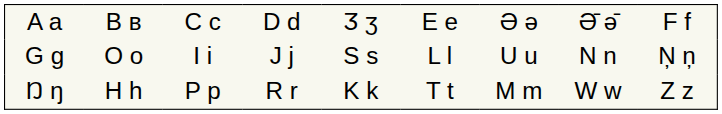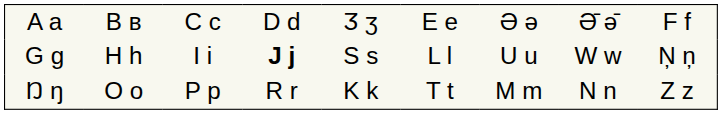 <table style="font-family:Arial; font-size:1.4em; border-color:#000000; border-width:1px; border-style:solid; border-collapse:collapse; background-color:#F8F8EF">
 <tr>
 <td style="width:3em; text-align:center; padding: 3px;">A a</td>
 <td style="width:3em; text-align:center; padding: 3px;">B в</td>
 <td style="width:3em; text-align:center; padding: 3px;">C c</td>
 <td style="width:3em; text-align:center; padding: 3px;">D d</td>
 <td style="width:3em; text-align:center; padding: 3px;">Ӡ ӡ</td>
 <td style="width:3em; text-align:center; padding: 3px;">E e</td>
 <td style="width:3em; text-align:center; padding: 3px;">Ә ә</td>
 <td style="width:3em; text-align:center; padding: 3px;">Ә̄ ә̄</td>
 <td style="width:3em; text-align:center; padding: 3px;">F f</td>
 </tr>
 <tr>
 <td style="width:3em; text-align:center; padding: 3px;">G g</td>
-<td style="width:3em; text-align:center; padding: 3px;">O o</td>
+<td style="width:3em; text-align:center; padding: 3px;">H h</td>
 <td style="width:3em; text-align:center; padding: 3px;">I i</td>
-<td style="width:3em; text-align:center; padding: 3px;">J j</td>
+<td style="width:3em; text-align:center; padding: 3px;"><strong>J j</strong></td>
 <td style="width:3em; text-align:center; padding: 3px;">S s</td>
 <td style="width:3em; text-align:center; padding: 3px;">L l</td>
 <td style="width:3em; text-align:center; padding: 3px;">U u</td>
-<td style="width:3em; text-align:center; padding: 3px;">N n</td>
+<td style="width:3em; text-align:center; padding: 3px;">W w</td>
 <td style="width:3em; text-align:center; padding: 3px;">Ņ ņ</td>
 </tr>
 <tr>
 <td style="width:3em; text-align:center; padding: 3px;">Ŋ ŋ</td>
-<td style="width:3em; text-align:center; padding: 3px;">H h</td>
+<td style="width:3em; text-align:center; padding: 3px;">O o</td>
 <td style="width:3em; text-align:center; padding: 3px;">P p</td>
 <td style="width:3em; text-align:center; padding: 3px;">R r</td>
 <td style="width:3em; text-align:center; padding: 3px;">K k</td>
 <td style="width:3em; text-align:center; padding: 3px;">T t</td>
 <td style="width:3em; text-align:center; padding: 3px;">M m</td>
-<td style="width:3em; text-align:center; padding: 3px;">W w</td>
+<td style="width:3em; text-align:center; padding: 3px;">N n</td>
 <td style="width:3em; text-align:center; padding: 3px;">Z z</td>
 </tr>
 </table>
